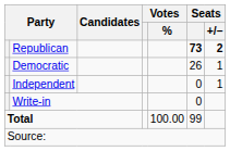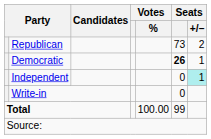 <table class="wikitable">
 <tr>
 <th colspan="2" rowspan="2">Party</th>
 <th rowspan="2">Candidates</th>
 <th colspan="2">Votes</th>
 <th colspan="4">Seats</th>
 </tr>
 <tr>
 <th></th>
 <th>%</th>
 <th></th>
 <th>+/–</th>
 </tr>
 <tr>
 <th style="background-color:"></th>
 <td><a href='#'>Republican</a></td>
 <td align="right"></td>
 <td align="right"></td>
 <td align="right"></td>
-<td align="right"><strong>73</strong></td>
-<td align="right"><strong> 2</strong></td>
+<td align="right">73</td>
+<td align="right"> 2</td>
 </tr>
 <tr>
 <th style="background-color:"></th>
 <td><a href='#'>Democratic</a></td>
 <td align="right"></td>
 <td align="right"></td>
 <td align="right"></td>
-<td align="right">26</td>
+<td align="right"><strong>26</strong></td>
 <td align="right"> 1</td>
 </tr>
 <tr>
 <th style="background-color:"></th>
 <td><a href='#'>Independent</a></td>
 <td align="right"></td>
 <td align="right"></td>
 <td align="right"></td>
 <td align="right">0</td>
-<td align="right"> 1</td>
+<td align="right" style="background: paleturquoise;"> 1</td>
 </tr>
 <tr>
 <th style="background-color:"></th>
 <td colspan="2" align="left"><a href='#'>Write-in</a></td>
 <td align="right"></td>
 <td align="right"></td>
 <td align="right">0</td>
 <td align="right"></td>
 </tr>
 <tr>
 <td colspan="3" align="left"><strong>Total</strong></td>
 <td align="right"></td>
 <td align="right">100.00</td>
 <td align="right">99</td>
 <td align="right"></td>
 </tr>
 <tr>
 <td colspan="10">Source: </td>
 </tr>
 </table>
